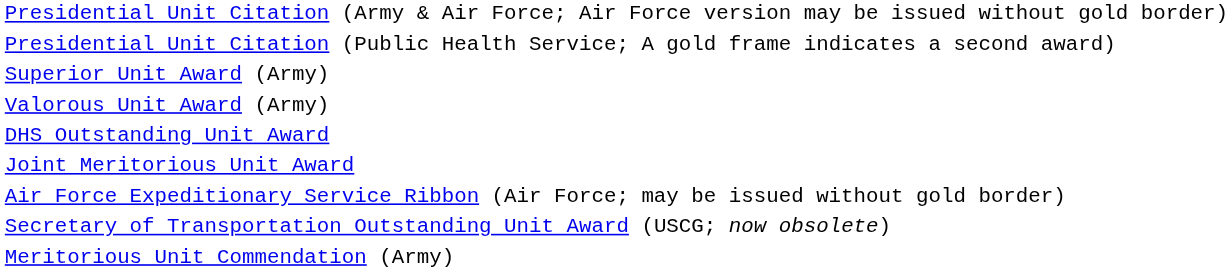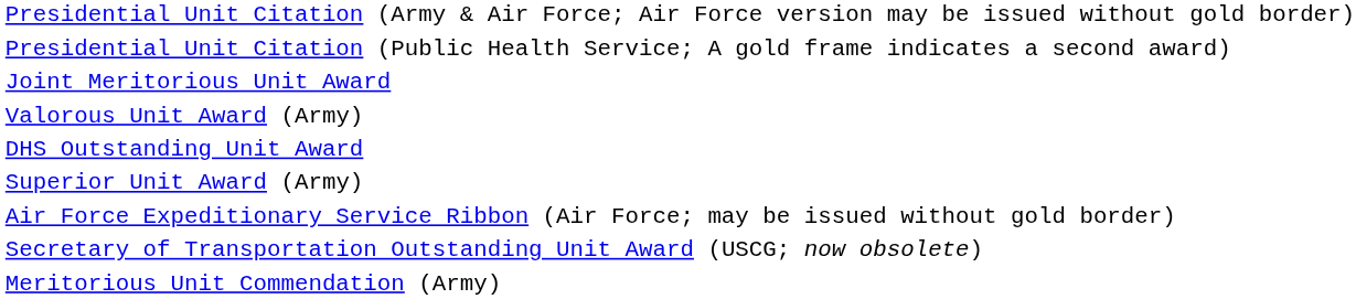 <table>
 <tr>
 <td> <a href='#'>Presidential Unit Citation</a> (Army & Air Force; Air Force version may be issued without gold border)</td>
 </tr>
 <tr>
 <td> <a href='#'>Presidential Unit Citation</a> (Public Health Service; A gold frame indicates a second award)</td>
 </tr>
 <tr>
-<td> <a href='#'>Superior Unit Award</a> (Army)</td>
+<td> <a href='#'>Joint Meritorious Unit Award</a></td>
 </tr>
 <tr>
 <td> <a href='#'>Valorous Unit Award</a> (Army)</td>
 </tr>
 <tr>
 <td> <a href='#'>DHS Outstanding Unit Award</a></td>
 </tr>
 <tr>
-<td> <a href='#'>Joint Meritorious Unit Award</a></td>
+<td> <a href='#'>Superior Unit Award</a> (Army)</td>
 </tr>
 <tr>
 <td> <a href='#'>Air Force Expeditionary Service Ribbon</a> (Air Force; may be issued without gold border)</td>
 </tr>
 <tr>
 <td> <a href='#'>Secretary of Transportation Outstanding Unit Award</a> (USCG; <em>now obsolete</em>)</td>
 </tr>
 <tr>
 <td> <a href='#'>Meritorious Unit Commendation</a> (Army)</td>
 </tr>
 </table>
